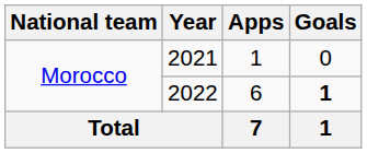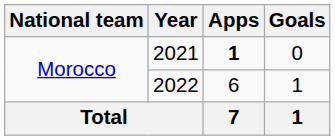 <table class="wikitable" style="text-align:center">
 <tr>
 <th>National team</th>
 <th>Year</th>
 <th>Apps</th>
 <th>Goals</th>
 </tr>
 <tr>
 <td rowspan="2"><a href='#'>Morocco</a></td>
 <td>2021</td>
-<td>1</td>
+<td><strong>1</strong></td>
 <td>0</td>
 </tr>
 <tr>
 <td>2022</td>
 <td>6</td>
-<td><strong>1</strong></td>
+<td>1</td>
 </tr>
 <tr>
 <th colspan="2">Total</th>
 <th>7</th>
 <th>1</th>
 </tr>
 </table>
